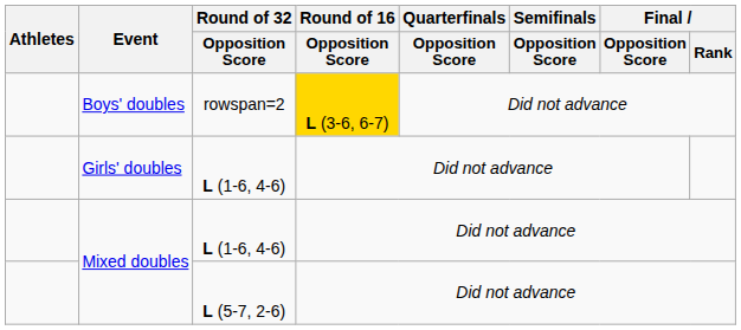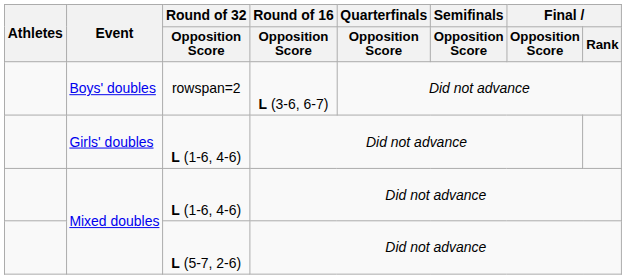 <table class=wikitable style="font-size:90%">
 <tr>
 <th rowspan=2>Athletes</th>
 <th rowspan=2>Event</th>
 <th>Round of 32</th>
 <th>Round of 16</th>
 <th>Quarterfinals</th>
 <th>Semifinals</th>
 <th colspan=2>Final / </th>
 </tr>
 <tr style="font-size:95%">
 <th>Opposition<br>Score</th>
 <th>Opposition<br>Score</th>
 <th>Opposition<br>Score</th>
 <th>Opposition<br>Score</th>
 <th>Opposition<br>Score</th>
 <th>Rank</th>
 </tr>
 <tr align=center>
 <td align=left><br></td>
 <td align=left><a href='#'>Boys' doubles</a></td>
 <td>rowspan=2 </td>
-<td style="background: gold;"><br><br><strong>L</strong> (3-6, 6-7)</td>
+<td><br><br><strong>L</strong> (3-6, 6-7)</td>
 <td colspan=4><em>Did not advance</em></td>
 </tr>
 <tr align=center>
 <td align=left><br></td>
 <td align=left><a href='#'>Girls' doubles</a></td>
 <td><br> <br><strong>L</strong> (1-6, 4-6)</td>
 <td colspan=4><em>Did not advance</em></td>
 </tr>
 <tr align=center>
 <td align=left><br></td>
 <td rowspan=2 align=left><a href='#'>Mixed doubles</a></td>
 <td><br><br><strong>L</strong> (1-6, 4-6)</td>
 <td colspan=5><em>Did not advance</em></td>
 </tr>
 <tr align=center>
 <td align=left><br></td>
 <td><br><br><strong>L</strong> (5-7, 2-6)</td>
 <td colspan=5><em>Did not advance</em></td>
 </tr>
 </table>
